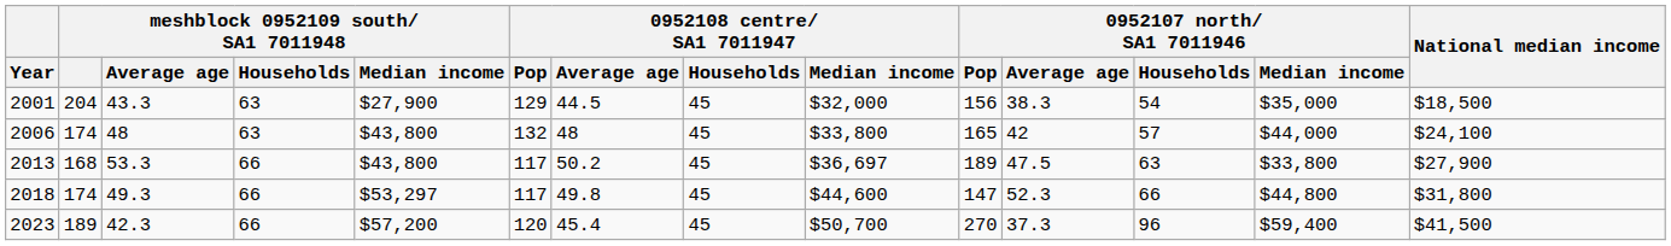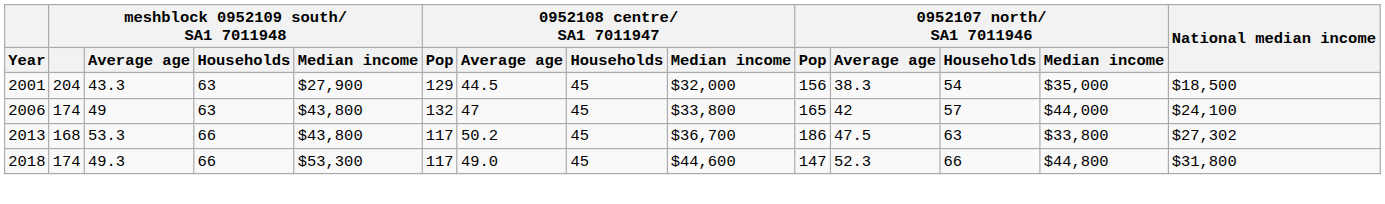 <table class="wikitable">
 <tr>
 <th></th>
 <th colspan="4">meshblock 0952109 south/<br>SA1 7011948</th>
 <th colspan="4">0952108 centre/<br>SA1 7011947</th>
 <th colspan="4">0952107 north/<br>SA1 7011946</th>
 <th rowspan="2">National median income</th>
 </tr>
 <tr>
 <th>Year</th>
 <th></th>
 <th>Average age</th>
 <th>House­holds</th>
 <th>Median income</th>
 <th>Pop</th>
 <th>Average age</th>
 <th>House­holds</th>
 <th>Median income</th>
 <th>Pop</th>
 <th>Average age</th>
 <th>House­holds</th>
 <th>Median income</th>
 </tr>
 <tr>
 <td>2001</td>
 <td>204</td>
 <td>43.3</td>
 <td>63</td>
 <td>$27,900</td>
 <td>129</td>
 <td>44.5</td>
 <td>45</td>
 <td>$32,000</td>
 <td>156</td>
 <td>38.3</td>
 <td>54</td>
 <td>$35,000</td>
 <td>$18,500</td>
 </tr>
 <tr>
 <td>2006</td>
 <td>174</td>
-<td>48</td>
+<td>49</td>
 <td>63</td>
 <td>$43,800</td>
 <td>132</td>
-<td>48</td>
+<td>47</td>
 <td>45</td>
 <td>$33,800</td>
 <td>165</td>
 <td>42</td>
 <td>57</td>
 <td>$44,000</td>
 <td>$24,100</td>
 </tr>
 <tr>
 <td>2013</td>
 <td>168</td>
 <td>53.3</td>
 <td>66</td>
 <td>$43,800</td>
 <td>117</td>
 <td>50.2</td>
 <td>45</td>
-<td>$36,697</td>
-<td>189</td>
+<td>$36,700</td>
+<td>186</td>
 <td>47.5</td>
 <td>63</td>
 <td>$33,800</td>
-<td>$27,900</td>
+<td>$27,302</td>
 </tr>
 <tr>
 <td>2018</td>
 <td>174</td>
 <td>49.3</td>
 <td>66</td>
-<td>$53,297</td>
+<td>$53,300</td>
 <td>117</td>
-<td>49.8</td>
+<td>49.0</td>
 <td>45</td>
 <td>$44,600</td>
 <td>147</td>
 <td>52.3</td>
 <td>66</td>
 <td>$44,800</td>
 <td>$31,800</td>
 </tr>
-<tr>
-<td>2023</td>
-<td>189</td>
-<td>42.3</td>
-<td>66</td>
-<td>$57,200</td>
-<td>120</td>
-<td>45.4</td>
-<td>45</td>
-<td>$50,700</td>
-<td>270</td>
-<td>37.3</td>
-<td>96</td>
-<td>$59,400</td>
-<td>$41,500</td>
-</tr>
 </table>
